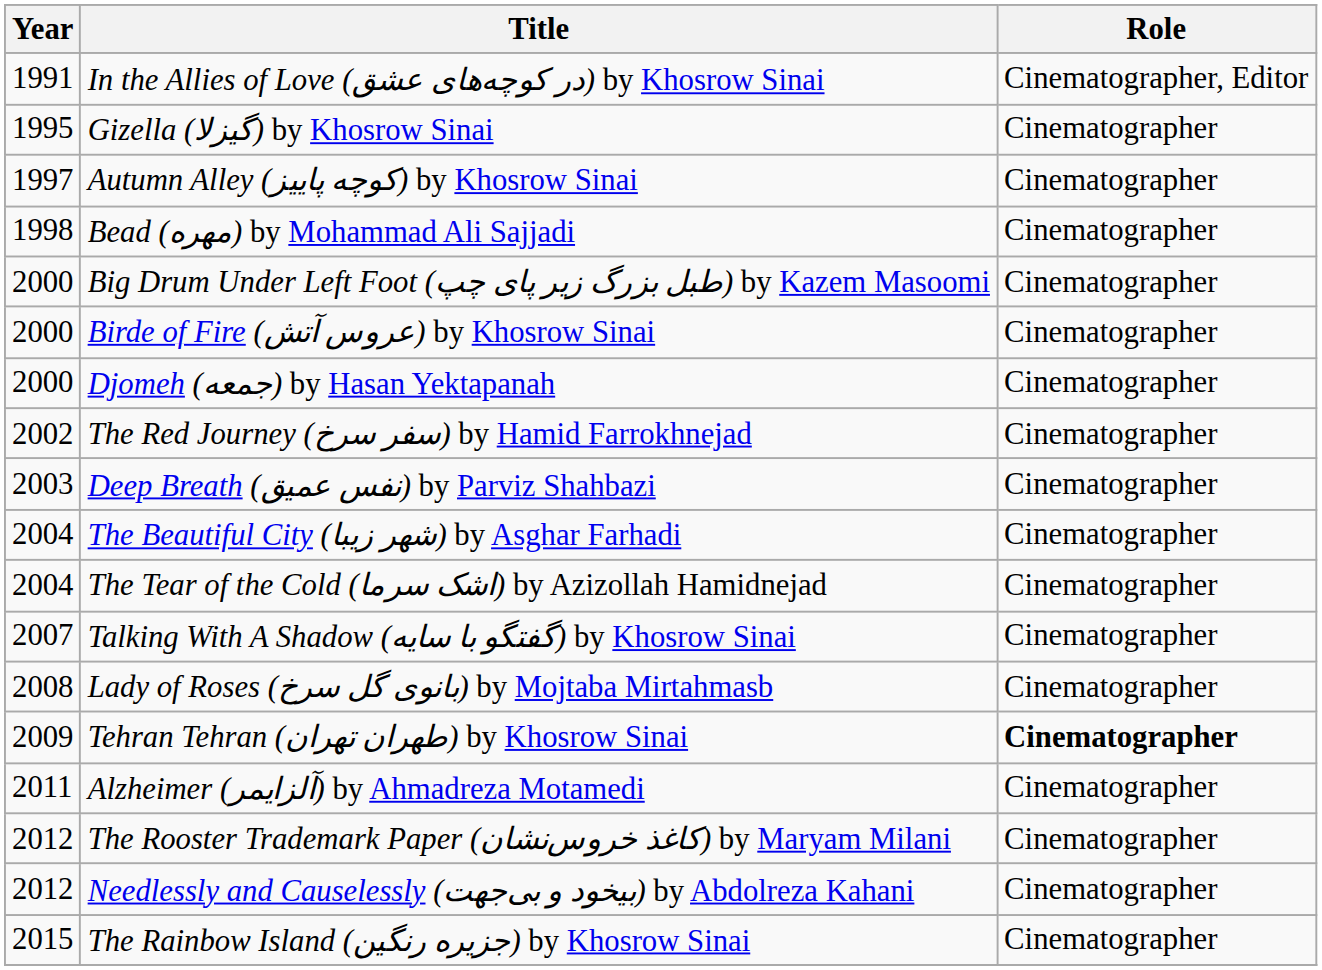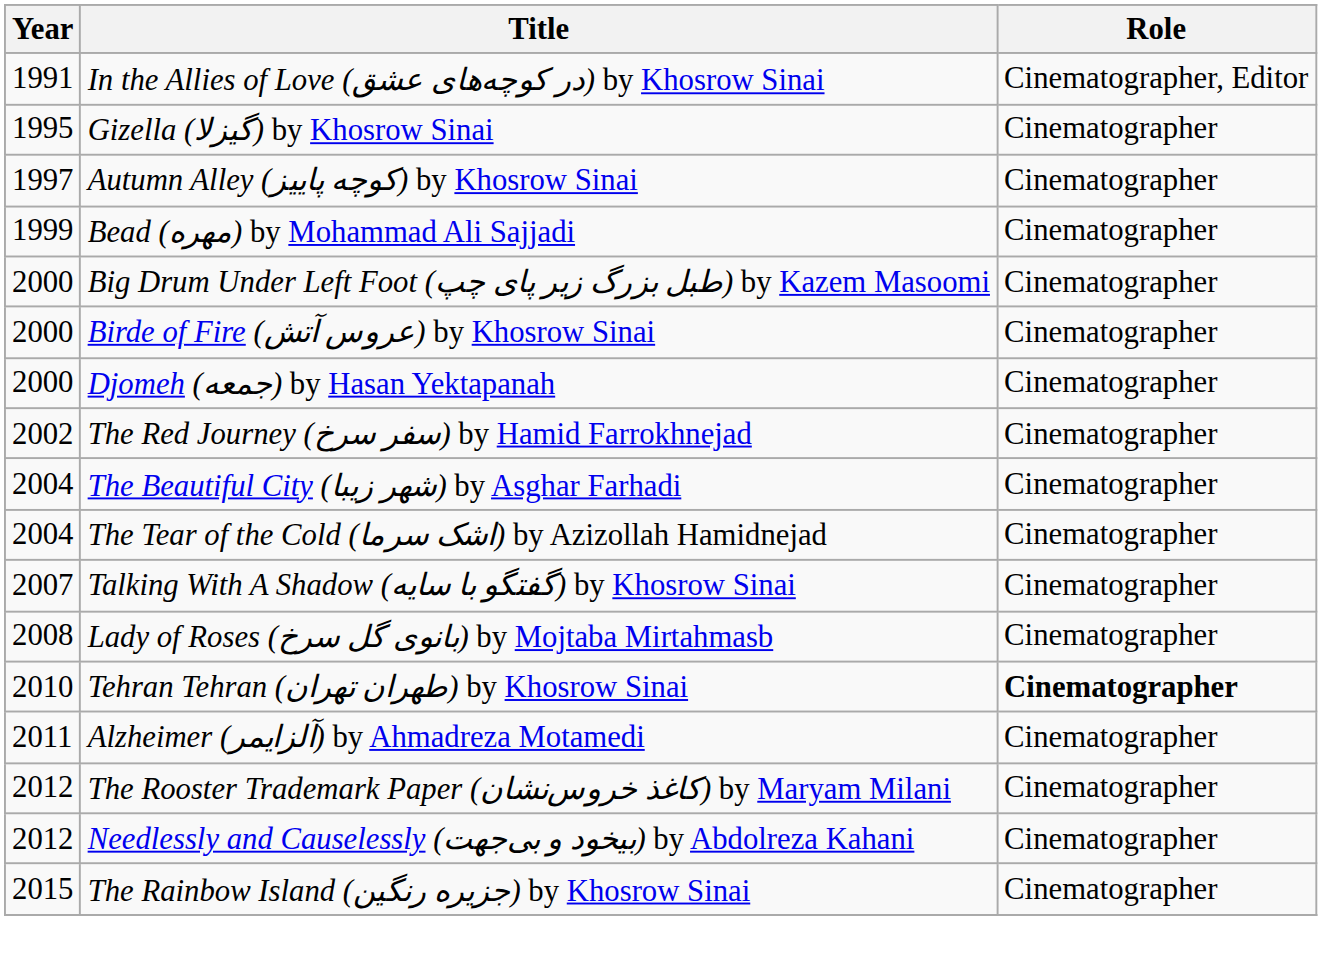 <table class="wikitable sortable">
 <tr>
 <th>Year</th>
 <th>Title</th>
 <th>Role</th>
 </tr>
 <tr>
 <td>1991</td>
 <td><em>In the Allies of Love (در کوچه‌های عشق)</em> by <a href='#'>Khosrow Sinai</a></td>
 <td>Cinematographer, Editor</td>
 </tr>
 <tr>
 <td>1995</td>
 <td><em>Gizella (گیزلا)</em> by <a href='#'>Khosrow Sinai</a></td>
 <td>Cinematographer</td>
 </tr>
 <tr>
 <td>1997</td>
 <td><em>Autumn Alley (کوچه پاییز)</em> by <a href='#'>Khosrow Sinai</a></td>
 <td>Cinematographer</td>
 </tr>
 <tr>
-<td>1998</td>
+<td>1999</td>
 <td><em>Bead (مهره)</em> by <a href='#'>Mohammad Ali Sajjadi</a></td>
 <td>Cinematographer</td>
 </tr>
 <tr>
 <td>2000</td>
 <td><em>Big Drum Under Left Foot (طبل بزرگ زیر پای چپ)</em> by <a href='#'>Kazem Masoomi</a></td>
 <td>Cinematographer</td>
 </tr>
 <tr>
 <td>2000</td>
 <td><em><a href='#'>Birde of Fire</a> (عروس آتش)</em> by <a href='#'>Khosrow Sinai</a></td>
 <td>Cinematographer</td>
 </tr>
 <tr>
 <td>2000</td>
 <td><em><a href='#'>Djomeh</a> (جمعه)</em> by <a href='#'>Hasan Yektapanah</a></td>
 <td>Cinematographer</td>
 </tr>
 <tr>
 <td>2002</td>
 <td><em>The Red Journey (سفر سرخ)</em> by <a href='#'>Hamid Farrokhnejad</a></td>
 <td>Cinematographer</td>
 </tr>
 <tr>
-<td>2003</td>
-<td><em><a href='#'>Deep Breath</a> (نفس عمیق)</em> by <a href='#'>Parviz Shahbazi</a></td>
-<td>Cinematographer</td>
-</tr>
-<tr>
 <td>2004</td>
 <td><em><a href='#'>The Beautiful City</a> (شهر زیبا)</em> by <a href='#'>Asghar Farhadi</a></td>
 <td>Cinematographer</td>
 </tr>
 <tr>
 <td>2004</td>
 <td><em>The Tear of the Cold (اشک سرما)</em> by Azizollah Hamidnejad</td>
 <td>Cinematographer</td>
 </tr>
 <tr>
 <td>2007</td>
 <td><em>Talking With A Shadow (گفتگو با سایه)</em> by <a href='#'>Khosrow Sinai</a></td>
 <td>Cinematographer</td>
 </tr>
 <tr>
 <td>2008</td>
 <td><em>Lady of Roses (بانوی گل سرخ)</em> by <a href='#'>Mojtaba Mirtahmasb</a></td>
 <td>Cinematographer</td>
 </tr>
 <tr>
-<td>2009</td>
+<td>2010</td>
 <td><em>Tehran Tehran (طهران تهران)</em> by <a href='#'>Khosrow Sinai</a></td>
 <td><strong>Cinematographer</strong></td>
 </tr>
 <tr>
 <td>2011</td>
 <td><em>Alzheimer (آلزایمر)</em> by <a href='#'>Ahmadreza Motamedi</a></td>
 <td>Cinematographer</td>
 </tr>
 <tr>
 <td>2012</td>
 <td><em>The Rooster Trademark Paper (کاغذ خروس‌نشان)</em> by <a href='#'>Maryam Milani</a></td>
 <td>Cinematographer</td>
 </tr>
 <tr>
 <td>2012</td>
 <td><em><a href='#'>Needlessly and Causelessly</a> (بیخود و بی‌جهت)</em> by <a href='#'>Abdolreza Kahani</a></td>
 <td>Cinematographer</td>
 </tr>
 <tr>
 <td>2015</td>
 <td><em>The Rainbow Island (جزیره رنگین)</em> by <a href='#'>Khosrow Sinai</a></td>
 <td>Cinematographer</td>
 </tr>
 <tr>
 </tr>
 </table>
